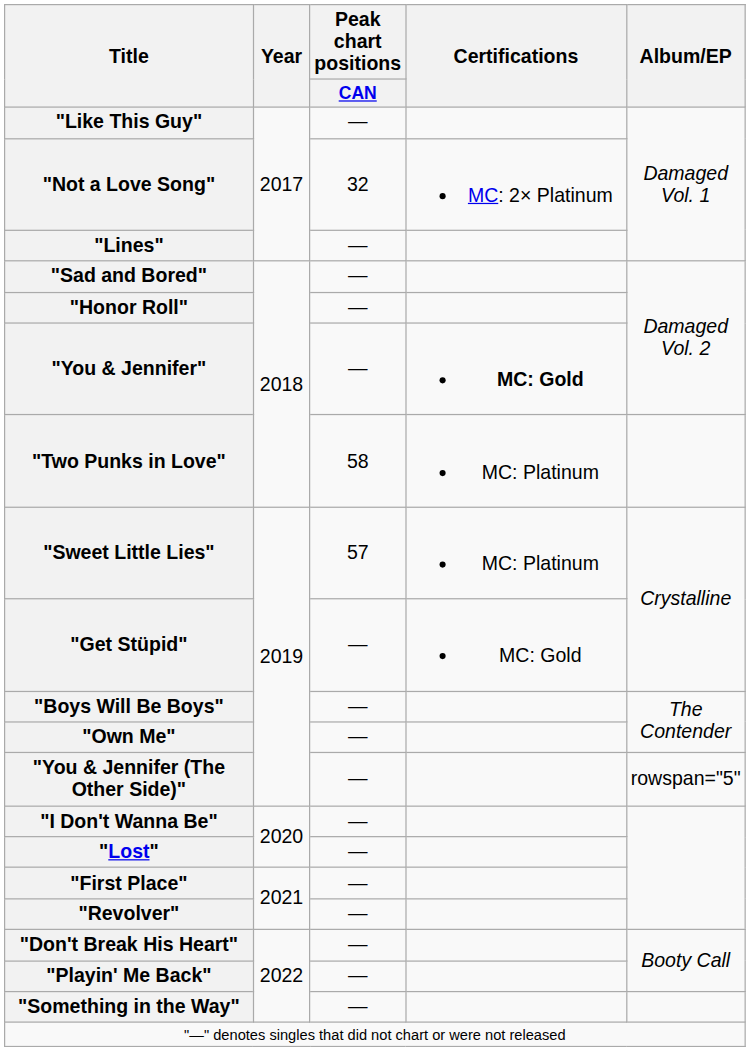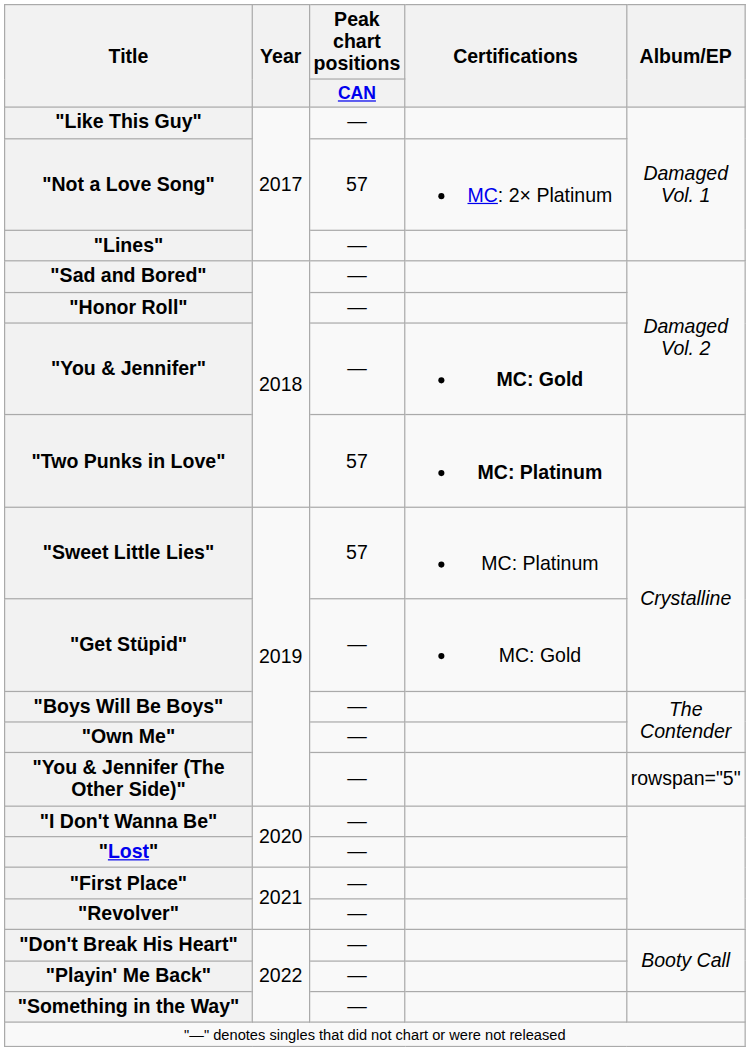 <table class="wikitable plainrowheaders" style="text-align:center;">
 <tr>
 <th scope="col" rowspan="2" style="width:14em;">Title</th>
 <th scope="col" rowspan="2" style="width:2.5em;">Year</th>
 <th scope="col" colspan="1">Peak chart positions</th>
 <th rowspan="2" scope="col" style="width:12em;">Certifications</th>
 <th scope="col" rowspan="2">Album/EP</th>
 </tr>
 <tr>
 <th scope="col" style="width:2.5em;font-size:90%;"><a href='#'>CAN</a><br></th>
 </tr>
 <tr>
 <th scope="row">"Like This Guy"</th>
 <td rowspan="3">2017</td>
 <td>—</td>
 <td></td>
 <td rowspan="3"><em>Damaged Vol. 1</em></td>
 </tr>
 <tr>
 <th scope="row">"Not a Love Song"</th>
-<td>32</td>
+<td>57</td>
 <td><br><ul><li><a href='#'>MC</a>: 2× Platinum</li></ul></td>
 </tr>
 <tr>
 <th scope="row">"Lines"</th>
 <td>—</td>
 <td></td>
 </tr>
 <tr>
 <th scope="row">"Sad and Bored" </th>
 <td rowspan="4">2018</td>
 <td>—</td>
 <td></td>
 <td rowspan="3"><em>Damaged Vol. 2</em></td>
 </tr>
 <tr>
 <th scope="row">"Honor Roll"</th>
 <td>—</td>
 <td></td>
 </tr>
 <tr>
 <th scope="row">"You & Jennifer"</th>
 <td>—</td>
 <td><strong><br><ul><li>MC: Gold</li></ul></strong></td>
 </tr>
 <tr>
 <th scope="row">"Two Punks in Love"</th>
-<td>58</td>
-<td><br><ul><li>MC: Platinum</li></ul></td>
+<td>57</td>
+<td><strong><br><ul><li>MC: Platinum</li></ul></strong></td>
 <td></td>
 </tr>
 <tr>
 <th scope="row">"Sweet Little Lies"</th>
 <td rowspan="5">2019</td>
 <td>57</td>
 <td><br><ul><li>MC: Platinum</li></ul></td>
 <td rowspan="2"><em>Crystalline</em></td>
 </tr>
 <tr>
 <th scope="row">"Get Stüpid"</th>
 <td>—</td>
 <td><br><ul><li>MC: Gold</li></ul></td>
 </tr>
 <tr>
 <th scope="row">"Boys Will Be Boys"</th>
 <td>—</td>
 <td></td>
 <td rowspan="2"><em>The Contender</em></td>
 </tr>
 <tr>
 <th scope="row">"Own Me"</th>
 <td>—</td>
 <td></td>
 </tr>
 <tr>
 <th scope="row">"You & Jennifer (The Other Side)"<br></th>
 <td>—</td>
 <td></td>
 <td>rowspan="5" </td>
 </tr>
 <tr>
 <th scope="row">"I Don't Wanna Be"<br></th>
 <td rowspan="2">2020</td>
 <td>—</td>
 <td></td>
 </tr>
 <tr>
 <th scope="row">"<a href='#'>Lost</a>"</th>
 <td>—</td>
 <td></td>
 </tr>
 <tr>
 <th scope="row">"First Place"</th>
 <td rowspan="2">2021</td>
 <td>—</td>
 <td></td>
 </tr>
 <tr>
 <th scope="row">"Revolver"</th>
 <td>—</td>
 <td></td>
 </tr>
 <tr>
 <th scope="row">"Don't Break His Heart"</th>
 <td rowspan="3">2022</td>
 <td>—</td>
 <td></td>
 <td rowspan="2"><em>Booty Call</em></td>
 </tr>
 <tr>
 <th scope="row">"Playin' Me Back"</th>
 <td>—</td>
 <td></td>
 </tr>
 <tr>
 <th scope="row">"Something in the Way"</th>
 <td>—</td>
 <td></td>
 <td></td>
 </tr>
 <tr>
 <td colspan="5" style="font-size:9pt">"—" denotes singles that did not chart or were not released</td>
 </tr>
 </table>
